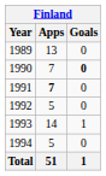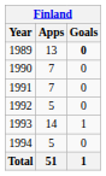 <table class=wikitable style=text-align:center>
 <tr>
 <th colspan=4><a href='#'>Finland</a></th>
 </tr>
 <tr>
 <th>Year</th>
 <th>Apps</th>
 <th>Goals</th>
 </tr>
 <tr>
 <td>1989</td>
 <td>13</td>
-<td>0</td>
+<td><strong>0</strong></td>
 </tr>
 <tr>
 <td>1990</td>
 <td>7</td>
-<td><strong>0</strong></td>
+<td>0</td>
 </tr>
 <tr>
 <td>1991</td>
-<td><strong>7</strong></td>
+<td>7</td>
 <td>0</td>
 </tr>
 <tr>
 <td>1992</td>
 <td>5</td>
 <td>0</td>
 </tr>
 <tr>
 <td>1993</td>
 <td>14</td>
 <td>1</td>
 </tr>
 <tr>
 <td>1994</td>
 <td>5</td>
 <td>0</td>
 </tr>
 <tr>
 <th colspan=1>Total</th>
 <th>51</th>
 <th>1</th>
 </tr>
 </table>
